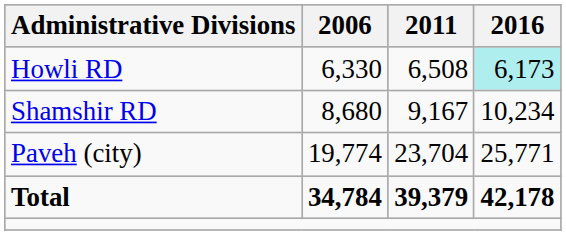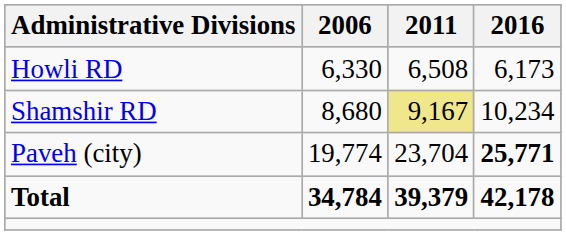 <table class="wikitable">
 <tr>
 <th>Administrative Divisions</th>
 <th>2006</th>
 <th>2011</th>
 <th>2016</th>
 </tr>
 <tr>
 <td><a href='#'>Howli RD</a></td>
 <td style="text-align: right;">6,330</td>
 <td style="text-align: right;">6,508</td>
-<td style="background: paleturquoise; text-align: right;">6,173</td>
+<td style="text-align: right;">6,173</td>
 </tr>
 <tr>
 <td><a href='#'>Shamshir RD</a></td>
 <td style="text-align: right;">8,680</td>
-<td style="text-align: right;">9,167</td>
+<td style="background: khaki; text-align: right;">9,167</td>
 <td style="text-align: right;">10,234</td>
 </tr>
 <tr>
 <td><a href='#'>Paveh</a> (city)</td>
 <td style="text-align: right;">19,774</td>
 <td style="text-align: right;">23,704</td>
-<td style="text-align: right;">25,771</td>
+<td style="text-align: right;"><strong>25,771</strong></td>
 </tr>
 <tr>
 <td><strong>Total</strong></td>
 <td style="text-align: right;"><strong>34,784</strong></td>
 <td style="text-align: right;"><strong>39,379</strong></td>
 <td style="text-align: right;"><strong>42,178</strong></td>
 </tr>
 <tr>
 <td colspan=4></td>
 </tr>
 </table>
